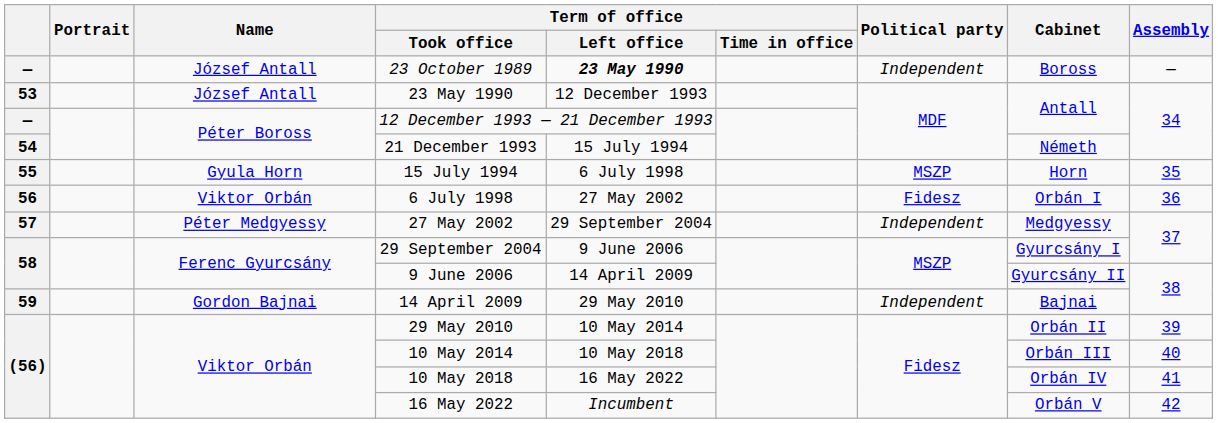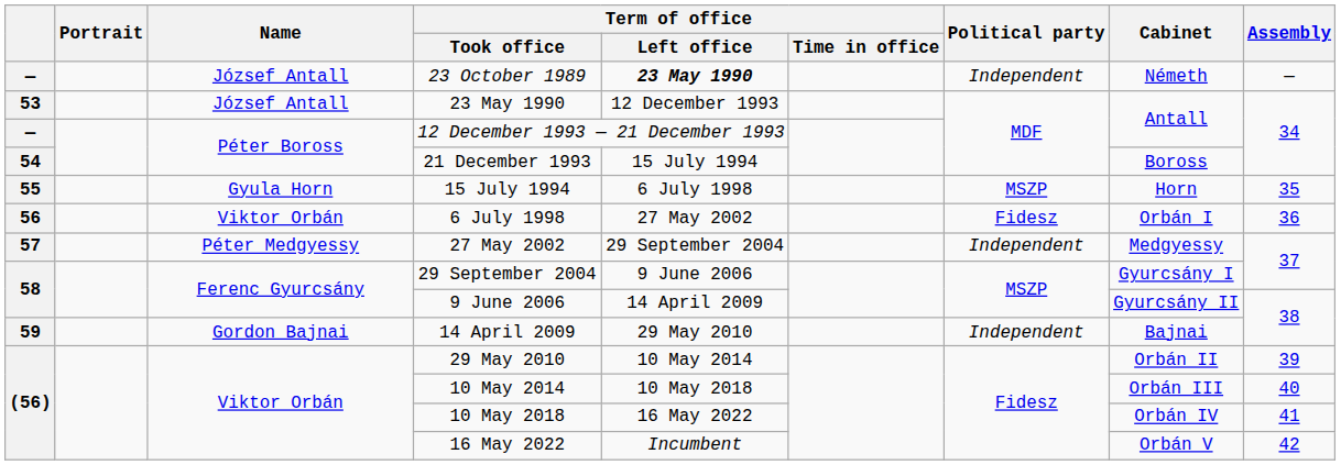 <table class="wikitable" style="text-align:center;">
 <tr>
 <th rowspan=2></th>
 <th rowspan=2>Portrait</th>
 <th width=20% rowspan=2>Name<br></th>
 <th colspan=3>Term of office</th>
 <th rowspan=2>Political party</th>
 <th rowspan=2>Cabinet</th>
 <th rowspan=2><a href='#'>Assembly</a><br></th>
 </tr>
 <tr>
 <th>Took office</th>
 <th>Left office</th>
 <th>Time in office</th>
 </tr>
 <tr>
 <th style="background:">—</th>
 <td></td>
 <td><a href='#'>József Antall</a><br></td>
 <td><em>23 October 1989</em></td>
 <td><strong><em>23 May 1990</em></strong></td>
 <td><em></em></td>
 <td><em>Independent</em></td>
-<td><a href='#'>Boross</a><br></td>
+<td><a href='#'>Németh</a><br></td>
 <td>—</td>
 </tr>
 <tr>
 <th style="background:">53</th>
 <td></td>
 <td><a href='#'>József Antall</a><br></td>
 <td>23 May 1990</td>
 <td>12 December 1993<br></td>
 <td></td>
 <td rowspan=3><a href='#'>MDF</a></td>
 <td rowspan=2><a href='#'>Antall</a><br></td>
 <td rowspan=3><a href='#'>34 </a></td>
 </tr>
 <tr>
 <th style="background:">—</th>
 <td rowspan=2></td>
 <td rowspan=2><a href='#'>Péter Boross</a><br></td>
 <td colspan=2><em>12 December 1993 — 21 December 1993<br></em></td>
 <td rowspan=2></td>
 </tr>
 <tr>
 <th style="background:">54</th>
 <td>21 December 1993</td>
 <td>15 July 1994</td>
-<td><a href='#'>Németh</a><br></td>
+<td><a href='#'>Boross</a><br></td>
 </tr>
 <tr>
 <th style="background:">55</th>
 <td></td>
 <td><a href='#'>Gyula Horn</a><br></td>
 <td>15 July 1994</td>
 <td>6 July 1998</td>
 <td></td>
 <td><a href='#'>MSZP</a></td>
 <td><a href='#'>Horn</a><br></td>
 <td><a href='#'>35 </a></td>
 </tr>
 <tr>
 <th style="background:">56</th>
 <td></td>
 <td><a href='#'>Viktor Orbán</a><br></td>
 <td>6 July 1998</td>
 <td>27 May 2002</td>
 <td></td>
 <td><a href='#'>Fidesz</a></td>
 <td><a href='#'>Orbán I</a><br></td>
 <td><a href='#'>36 </a></td>
 </tr>
 <tr>
 <th style="background:">57</th>
 <td></td>
 <td><a href='#'>Péter Medgyessy</a><br></td>
 <td>27 May 2002</td>
 <td>29 September 2004<br></td>
 <td></td>
 <td><em>Independent</em></td>
 <td><a href='#'>Medgyessy</a><br></td>
 <td rowspan=2><a href='#'>37 </a></td>
 </tr>
 <tr>
 <th rowspan=2 style="background:">58</th>
 <td rowspan=2></td>
 <td rowspan=2><a href='#'>Ferenc Gyurcsány</a><br></td>
 <td>29 September 2004</td>
 <td>9 June 2006</td>
 <td rowspan=2></td>
 <td rowspan=2><a href='#'>MSZP</a></td>
 <td><a href='#'>Gyurcsány I</a><br></td>
 </tr>
 <tr>
 <td>9 June 2006</td>
 <td>14 April 2009<br></td>
 <td><a href='#'>Gyurcsány II</a><br></td>
 <td rowspan=2><a href='#'>38 </a></td>
 </tr>
 <tr>
 <th style="background:">59</th>
 <td></td>
 <td><a href='#'>Gordon Bajnai</a><br></td>
 <td>14 April 2009</td>
 <td>29 May 2010</td>
 <td></td>
 <td><em>Independent</em></td>
 <td><a href='#'>Bajnai</a><br></td>
 </tr>
 <tr>
 <th rowspan=4 style="background:">(56)</th>
 <td rowspan=4></td>
 <td rowspan=4><a href='#'>Viktor Orbán</a><br></td>
 <td>29 May 2010</td>
 <td>10 May 2014</td>
 <td rowspan=4></td>
 <td rowspan=4><a href='#'>Fidesz</a></td>
 <td><a href='#'>Orbán II</a><br></td>
 <td><a href='#'>39 </a></td>
 </tr>
 <tr>
 <td>10 May 2014</td>
 <td>10 May 2018</td>
 <td><a href='#'>Orbán III</a><br></td>
 <td><a href='#'>40 </a></td>
 </tr>
 <tr>
 <td>10 May 2018</td>
 <td>16 May 2022</td>
 <td><a href='#'>Orbán IV</a><br></td>
 <td><a href='#'>41 </a></td>
 </tr>
 <tr>
 <td>16 May 2022</td>
 <td><em>Incumbent</em></td>
 <td><a href='#'>Orbán V</a><br></td>
 <td><a href='#'>42 </a></td>
 </tr>
 </table>
